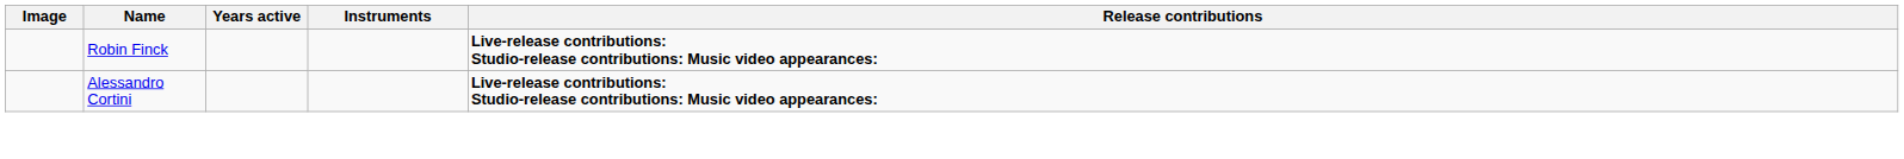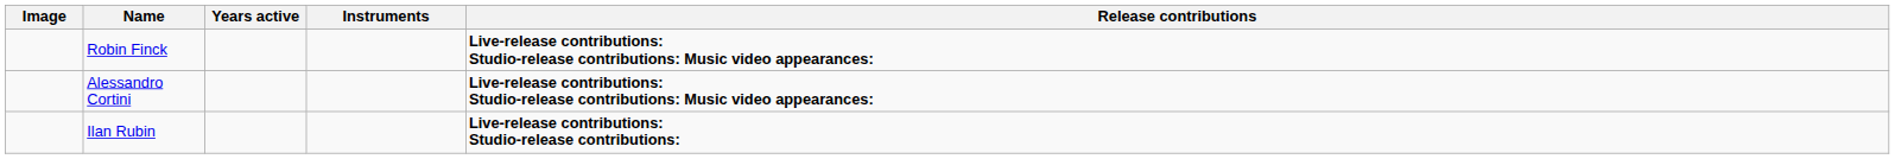 <table class="wikitable" width="100%" border="1">
 <tr>
 <th width="75">Image</th>
 <th width="120">Name</th>
 <th width="100">Years active</th>
 <th width="160">Instruments</th>
 <th>Release contributions</th>
 </tr>
 <tr>
 <td></td>
 <td><a href='#'>Robin Finck</a></td>
 <td></td>
 <td></td>
 <td><strong>Live-release contributions:</strong> <br><strong>Studio-release contributions:</strong>  <strong>Music video appearances:</strong> </td>
 </tr>
 <tr>
 <td></td>
 <td><a href='#'>Alessandro Cortini</a></td>
 <td></td>
 <td></td>
 <td><strong>Live-release contributions:</strong> <br><strong>Studio-release contributions:</strong>  <strong>Music video appearances:</strong> </td>
 </tr>
+<tr>
+<td></td>
+<td><a href='#'>Ilan Rubin</a></td>
+<td></td>
+<td></td>
+<td><strong>Live-release contributions:</strong> <br><strong>Studio-release contributions:</strong> </td>
+</tr>
 </table>
